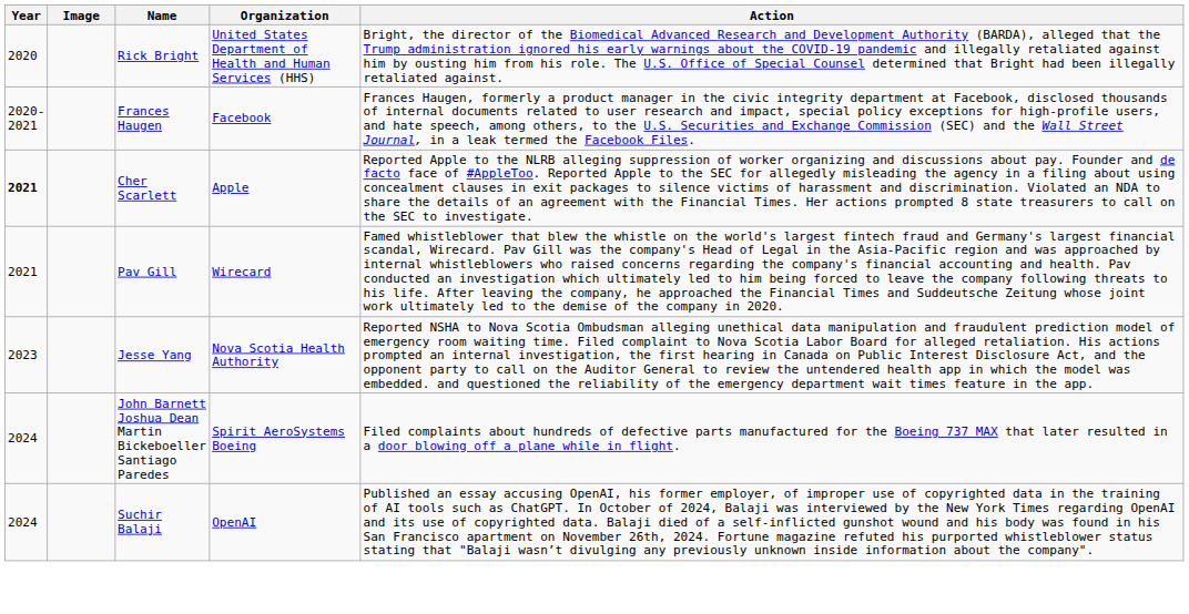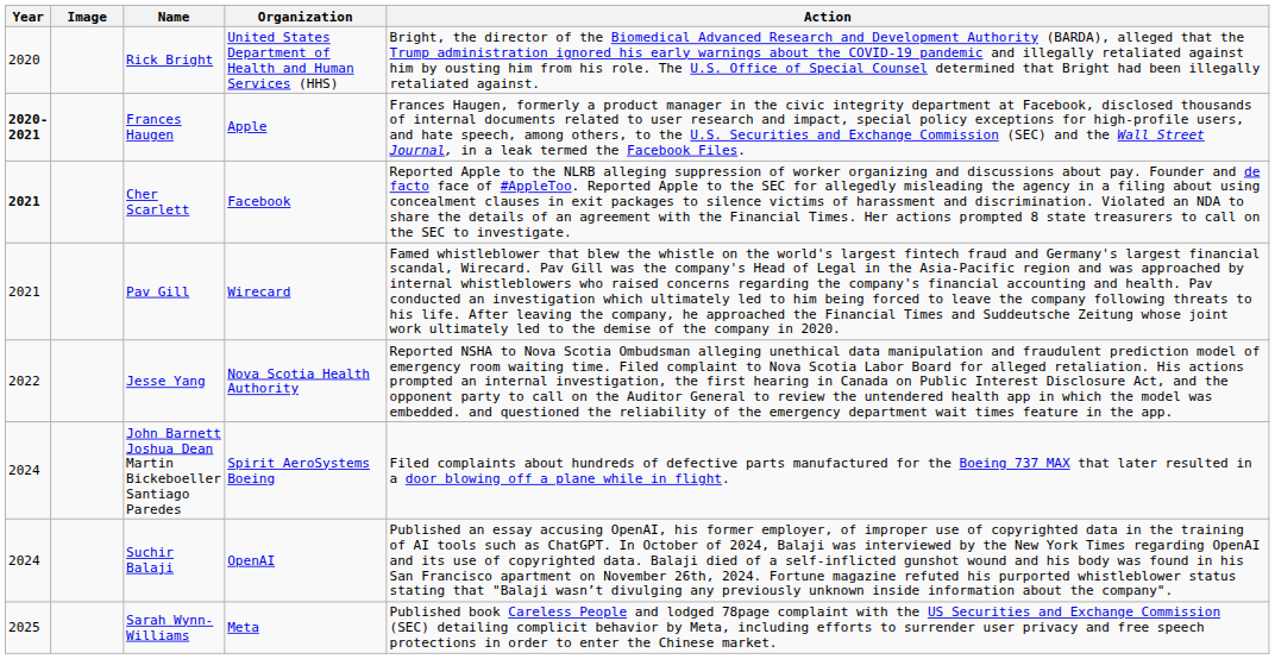 <table class="wikitable sortable">
 <tr>
 <th scope="col" style=width:3em>Year</th>
 <th scope="col" class="unsortable" style=width:5em>Image</th>
 <th scope="col" style=width:7em>Name</th>
 <th scope="col">Organization</th>
 <th scope="col">Action</th>
 </tr>
 <tr>
 <td>2020</td>
 <td></td>
 <td><a href='#'>Rick Bright</a></td>
 <td><a href='#'>United States Department of Health and Human Services</a> (HHS)</td>
 <td>Bright, the director of the <a href='#'>Biomedical Advanced Research and Development Authority</a> (BARDA), alleged that the <a href='#'>Trump administration ignored his early warnings about the COVID-19 pandemic</a> and illegally retaliated against him by ousting him from his role. The <a href='#'>U.S. Office of Special Counsel</a> determined that Bright had been illegally retaliated against.</td>
 </tr>
 <tr>
-<td>2020-2021</td>
+<td><strong>2020-2021</strong></td>
 <td></td>
 <td><a href='#'>Frances Haugen</a></td>
-<td><a href='#'>Facebook</a></td>
+<td><a href='#'>Apple</a></td>
 <td>Frances Haugen, formerly a product manager in the civic integrity department at Facebook, disclosed thousands of internal documents related to user research and impact, special policy exceptions for high-profile users, and hate speech, among others, to the <a href='#'>U.S. Securities and Exchange Commission</a> (SEC) and the <em><a href='#'>Wall Street Journal</a>,</em> in a leak termed the <a href='#'>Facebook Files</a>.</td>
 </tr>
 <tr>
 <td><strong>2021</strong></td>
 <td></td>
 <td><a href='#'>Cher Scarlett</a></td>
-<td><a href='#'>Apple</a></td>
+<td><a href='#'>Facebook</a></td>
 <td>Reported Apple to the NLRB alleging suppression of worker organizing and discussions about pay. Founder and <a href='#'>de facto</a> face of <a href='#'>#AppleToo</a>. Reported Apple to the SEC for allegedly misleading the agency in a filing about using concealment clauses in exit packages to silence victims of harassment and discrimination. Violated an NDA to share the details of an agreement with the Financial Times. Her actions prompted 8 state treasurers to call on the SEC to investigate.</td>
 </tr>
 <tr>
 <td>2021</td>
 <td></td>
 <td><a href='#'>Pav Gill</a></td>
 <td><a href='#'>Wirecard</a></td>
 <td>Famed whistleblower that blew the whistle on the world's largest fintech fraud and Germany's largest financial scandal, Wirecard. Pav Gill was the company's Head of Legal in the Asia-Pacific region and was approached by internal whistleblowers who raised concerns regarding the company's financial accounting and health. Pav conducted an investigation which ultimately led to him being forced to leave the company following threats to his life. After leaving the company, he approached the Financial Times and Suddeutsche Zeitung whose joint work ultimately led to the demise of the company in 2020.</td>
 </tr>
 <tr>
-<td>2023</td>
+<td>2022</td>
 <td></td>
 <td><a href='#'>Jesse Yang</a></td>
 <td><a href='#'>Nova Scotia Health Authority</a></td>
 <td>Reported NSHA to Nova Scotia Ombudsman alleging unethical data manipulation and fraudulent prediction model of emergency room waiting time. Filed complaint to Nova Scotia Labor Board for alleged retaliation. His actions prompted an internal investigation, the first hearing in Canada on Public Interest Disclosure Act, and the opponent party to call on the Auditor General to review the untendered health app in which the model was embedded. and questioned the reliability of the emergency department wait times feature in the app.</td>
 </tr>
 <tr>
 <td>2024</td>
 <td></td>
 <td><a href='#'>John Barnett</a><br><a href='#'>Joshua Dean</a> Martin Bickeboeller Santiago Paredes</td>
 <td><a href='#'>Spirit AeroSystems</a><br><a href='#'>Boeing</a></td>
 <td>Filed complaints about hundreds of defective parts manufactured for the <a href='#'>Boeing 737 MAX</a> that later resulted in a <a href='#'>door blowing off a plane while in flight</a>.</td>
 </tr>
 <tr>
 <td>2024</td>
 <td></td>
 <td><a href='#'>Suchir Balaji</a></td>
 <td><a href='#'>OpenAI</a></td>
 <td>Published an essay accusing OpenAI, his former employer, of improper use of copyrighted data in the training of AI tools such as ChatGPT. In October of 2024, Balaji was interviewed by the New York Times regarding OpenAI and its use of copyrighted data. Balaji died of a self-inflicted gunshot wound and his body was found in his San Francisco apartment on November 26th, 2024. Fortune magazine refuted his purported whistleblower status stating that "Balaji wasn’t divulging any previously unknown inside information about the company".</td>
 </tr>
+<tr>
+<td>2025</td>
+<td></td>
+<td><a href='#'>Sarah Wynn-Williams</a></td>
+<td><a href='#'>Meta</a></td>
+<td>Published book <a href='#'>Careless People</a> and lodged 78page complaint with the <a href='#'>US Securities and Exchange Commission</a> (SEC) detailing complicit behavior by Meta, including efforts to surrender user privacy and free speech protections in order to enter the Chinese market.</td>
+</tr>
 </table>
